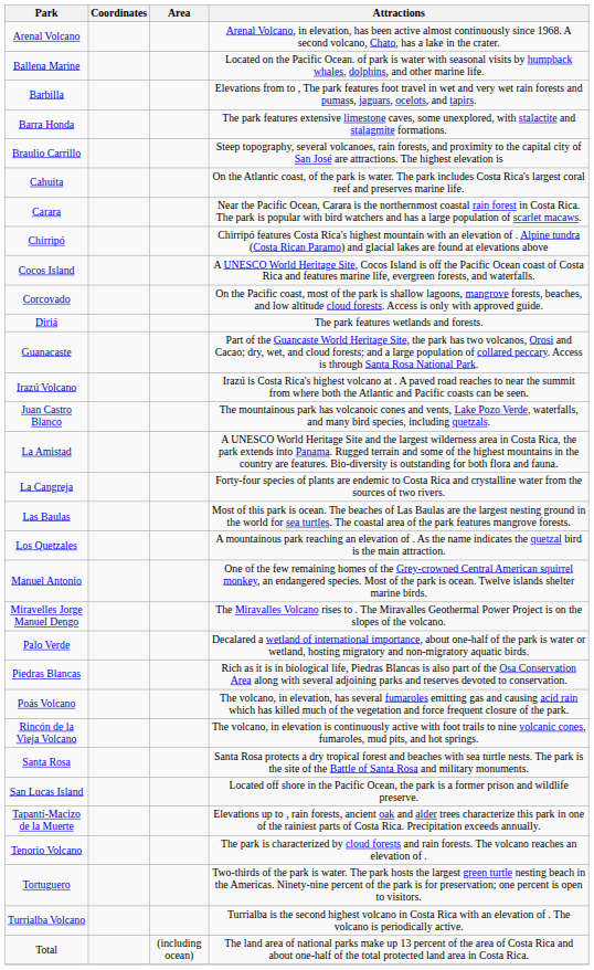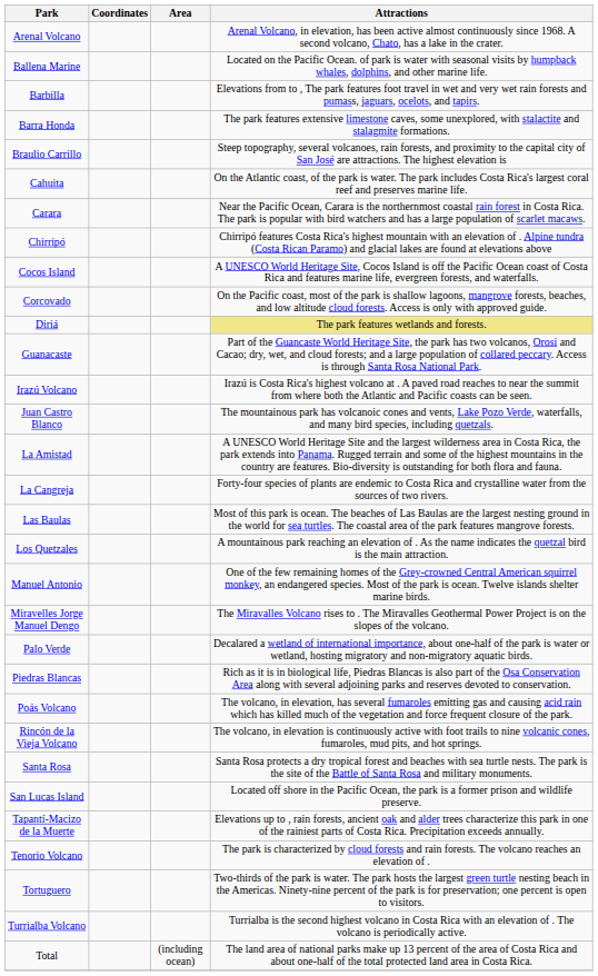 <table class="wikitable sortable" style="text-align:center;">
 <tr>
 <th>Park</th>
 <th>Coordinates</th>
 <th>Area</th>
 <th>Attractions</th>
 </tr>
 <tr>
 <td><a href='#'>Arenal Volcano</a></td>
 <td></td>
 <td></td>
 <td><a href='#'>Arenal Volcano</a>,  in elevation, has been active almost continuously since 1968. A second volcano, <a href='#'>Chato</a>, has a lake in the crater.</td>
 </tr>
 <tr>
 <td><a href='#'>Ballena Marine</a></td>
 <td></td>
 <td></td>
 <td>Located on the Pacific Ocean.  of park is water with seasonal visits by <a href='#'>humpback whales</a>, <a href='#'>dolphins</a>, and other marine life.</td>
 </tr>
 <tr>
 <td><a href='#'>Barbilla</a></td>
 <td></td>
 <td></td>
 <td>Elevations from  to , The park features foot travel in wet and very wet rain forests and <a href='#'>pumas</a>s, <a href='#'>jaguars</a>, <a href='#'>ocelots</a>, and <a href='#'>tapirs</a>.</td>
 </tr>
 <tr>
 <td><a href='#'>Barra Honda</a></td>
 <td></td>
 <td></td>
 <td>The park features extensive <a href='#'>limestone</a> caves, some unexplored, with <a href='#'>stalactite</a> and <a href='#'>stalagmite</a> formations.</td>
 </tr>
 <tr>
 <td><a href='#'>Braulio Carrillo</a></td>
 <td></td>
 <td></td>
 <td>Steep topography, several volcanoes, rain forests, and proximity to the capital city of <a href='#'>San José</a> are attractions. The highest elevation is </td>
 </tr>
 <tr>
 <td><a href='#'>Cahuita</a></td>
 <td></td>
 <td></td>
 <td>On the Atlantic coast,  of the park is water. The park includes Costa Rica's largest coral reef and preserves marine life.</td>
 </tr>
 <tr>
 <td><a href='#'>Carara</a></td>
 <td></td>
 <td></td>
 <td>Near the Pacific Ocean, Carara is the northernmost coastal <a href='#'>rain forest</a> in Costa Rica. The park is popular with bird watchers and has a large population of <a href='#'>scarlet macaws</a>.</td>
 </tr>
 <tr>
 <td><a href='#'>Chirripó</a></td>
 <td></td>
 <td></td>
 <td>Chirripó features Costa Rica's highest mountain with an elevation of . <a href='#'>Alpine tundra</a> (<a href='#'>Costa Rican Paramo</a>) and glacial lakes are found at elevations above </td>
 </tr>
 <tr>
 <td><a href='#'>Cocos Island</a></td>
 <td></td>
 <td></td>
 <td>A <a href='#'>UNESCO World Heritage Site</a>, Cocos Island is  off the Pacific Ocean coast of Costa Rica and features marine life, evergreen forests, and waterfalls.</td>
 </tr>
 <tr>
 <td><a href='#'>Corcovado</a></td>
 <td></td>
 <td></td>
 <td>On the Pacific coast, most of the park is shallow lagoons, <a href='#'>mangrove</a> forests, beaches, and low altitude <a href='#'>cloud forests</a>. Access is only with approved guide.</td>
 </tr>
 <tr>
 <td><a href='#'>Diriá</a></td>
 <td></td>
 <td></td>
-<td>The park features wetlands and forests.</td>
+<td style="background: khaki;">The park features wetlands and forests.</td>
 </tr>
 <tr>
 <td><a href='#'>Guanacaste</a></td>
 <td></td>
 <td></td>
 <td>Part of the <a href='#'>Guancaste World Heritage Site</a>, the park has two volcanos, <a href='#'>Orosi</a> and Cacao; dry, wet, and cloud forests; and a large population of <a href='#'>collared peccary</a>. Access is through <a href='#'>Santa Rosa National Park</a>.</td>
 </tr>
 <tr>
 <td><a href='#'>Irazú Volcano</a></td>
 <td></td>
 <td></td>
 <td>Irazú is Costa Rica's highest volcano at . A paved road reaches to near the summit from where both the Atlantic and Pacific coasts can be seen.</td>
 </tr>
 <tr>
 <td><a href='#'>Juan Castro Blanco</a></td>
 <td></td>
 <td></td>
 <td>The mountainous park has volcanoic cones and vents, <a href='#'>Lake Pozo Verde</a>, waterfalls, and many bird species, including <a href='#'>quetzals</a>.</td>
 </tr>
 <tr>
 <td><a href='#'>La Amistad</a></td>
 <td></td>
 <td></td>
 <td>A UNESCO World Heritage Site and the largest wilderness area in Costa Rica, the park extends into <a href='#'>Panama</a>. Rugged terrain and some of the highest mountains in the country are features. Bio-diversity is outstanding for both flora and fauna.</td>
 </tr>
 <tr>
 <td><a href='#'>La Cangreja</a></td>
 <td></td>
 <td></td>
 <td>Forty-four species of plants are endemic to Costa Rica and crystalline water from the sources of two rivers.</td>
 </tr>
 <tr>
 <td><a href='#'>Las Baulas</a></td>
 <td></td>
 <td></td>
 <td>Most of this park is ocean. The beaches of Las Baulas are the largest nesting ground in the world for <a href='#'>sea turtles</a>. The coastal area of the park features mangrove forests.</td>
 </tr>
 <tr>
 <td><a href='#'>Los Quetzales</a></td>
 <td></td>
 <td></td>
 <td>A mountainous park reaching an elevation of . As the name indicates the <a href='#'>quetzal</a> bird is the main attraction.</td>
 </tr>
 <tr>
 <td><a href='#'>Manuel Antonio</a></td>
 <td></td>
 <td></td>
 <td>One of the few remaining homes of the <a href='#'>Grey-crowned Central American squirrel monkey</a>, an endangered species. Most of the park is ocean. Twelve islands shelter marine birds.</td>
 </tr>
 <tr>
 <td><a href='#'>Miravelles Jorge Manuel Dengo</a></td>
 <td></td>
 <td></td>
 <td>The <a href='#'>Miravalles Volcano</a> rises to . The Miravalles Geothermal Power Project is on the slopes of the volcano.</td>
 </tr>
 <tr>
 <td><a href='#'>Palo Verde</a></td>
 <td></td>
 <td></td>
 <td>Decalared a <a href='#'>wetland of international importance</a>, about one-half of the park is water or wetland, hosting migratory and non-migratory aquatic birds.</td>
 </tr>
 <tr>
 <td><a href='#'>Piedras Blancas</a></td>
 <td></td>
 <td></td>
 <td>Rich as it is in biological life, Piedras Blancas is also part of the <a href='#'>Osa Conservation Area</a> along with several adjoining parks and reserves devoted to conservation.</td>
 </tr>
 <tr>
 <td><a href='#'>Poás Volcano</a></td>
 <td></td>
 <td></td>
 <td>The volcano,  in elevation, has several <a href='#'>fumaroles</a> emitting gas and causing <a href='#'>acid rain</a> which has killed much of the vegetation and force frequent closure of the park.</td>
 </tr>
 <tr>
 <td><a href='#'>Rincón de la Vieja Volcano</a></td>
 <td></td>
 <td></td>
 <td>The volcano,  in elevation is continuously active with foot trails to nine <a href='#'>volcanic cones</a>, fumaroles, mud pits, and hot springs.</td>
 </tr>
 <tr>
 <td><a href='#'>Santa Rosa</a></td>
 <td></td>
 <td></td>
 <td>Santa Rosa protects a dry tropical forest and beaches with sea turtle nests. The park is the site of the <a href='#'>Battle of Santa Rosa</a> and military monuments.</td>
 </tr>
 <tr>
 <td><a href='#'>San Lucas Island</a></td>
 <td></td>
 <td></td>
 <td>Located  off shore in the Pacific Ocean, the park is a former prison and wildlife preserve.</td>
 </tr>
 <tr>
 <td><a href='#'>Tapantí-Macizo de la Muerte</a></td>
 <td></td>
 <td></td>
 <td>Elevations up to , rain forests, ancient <a href='#'>oak</a> and <a href='#'>alder</a> trees characterize this park in one of the rainiest parts of Costa Rica. Precipitation exceeds  annually.</td>
 </tr>
 <tr>
 <td><a href='#'>Tenorio Volcano</a></td>
 <td></td>
 <td></td>
 <td>The park is characterized by <a href='#'>cloud forests</a> and rain forests. The volcano reaches an elevation of .</td>
 </tr>
 <tr>
 <td><a href='#'>Tortuguero</a></td>
 <td></td>
 <td></td>
 <td>Two-thirds of the park is water. The park hosts the largest <a href='#'>green turtle</a> nesting beach in the Americas. Ninety-nine percent of the park is for preservation; one percent is open to visitors.</td>
 </tr>
 <tr>
 <td><a href='#'>Turrialba Volcano</a></td>
 <td></td>
 <td></td>
 <td>Turrialba is the second highest volcano in Costa Rica with an elevation of . The volcano is periodically active.</td>
 </tr>
 <tr>
 <td>Total</td>
 <td></td>
 <td> (including ocean)</td>
 <td>The land area of national parks make up 13 percent of the area of Costa Rica and about one-half of the total protected land area in Costa Rica.</td>
 </tr>
 <tr>
 </tr>
 </table>
